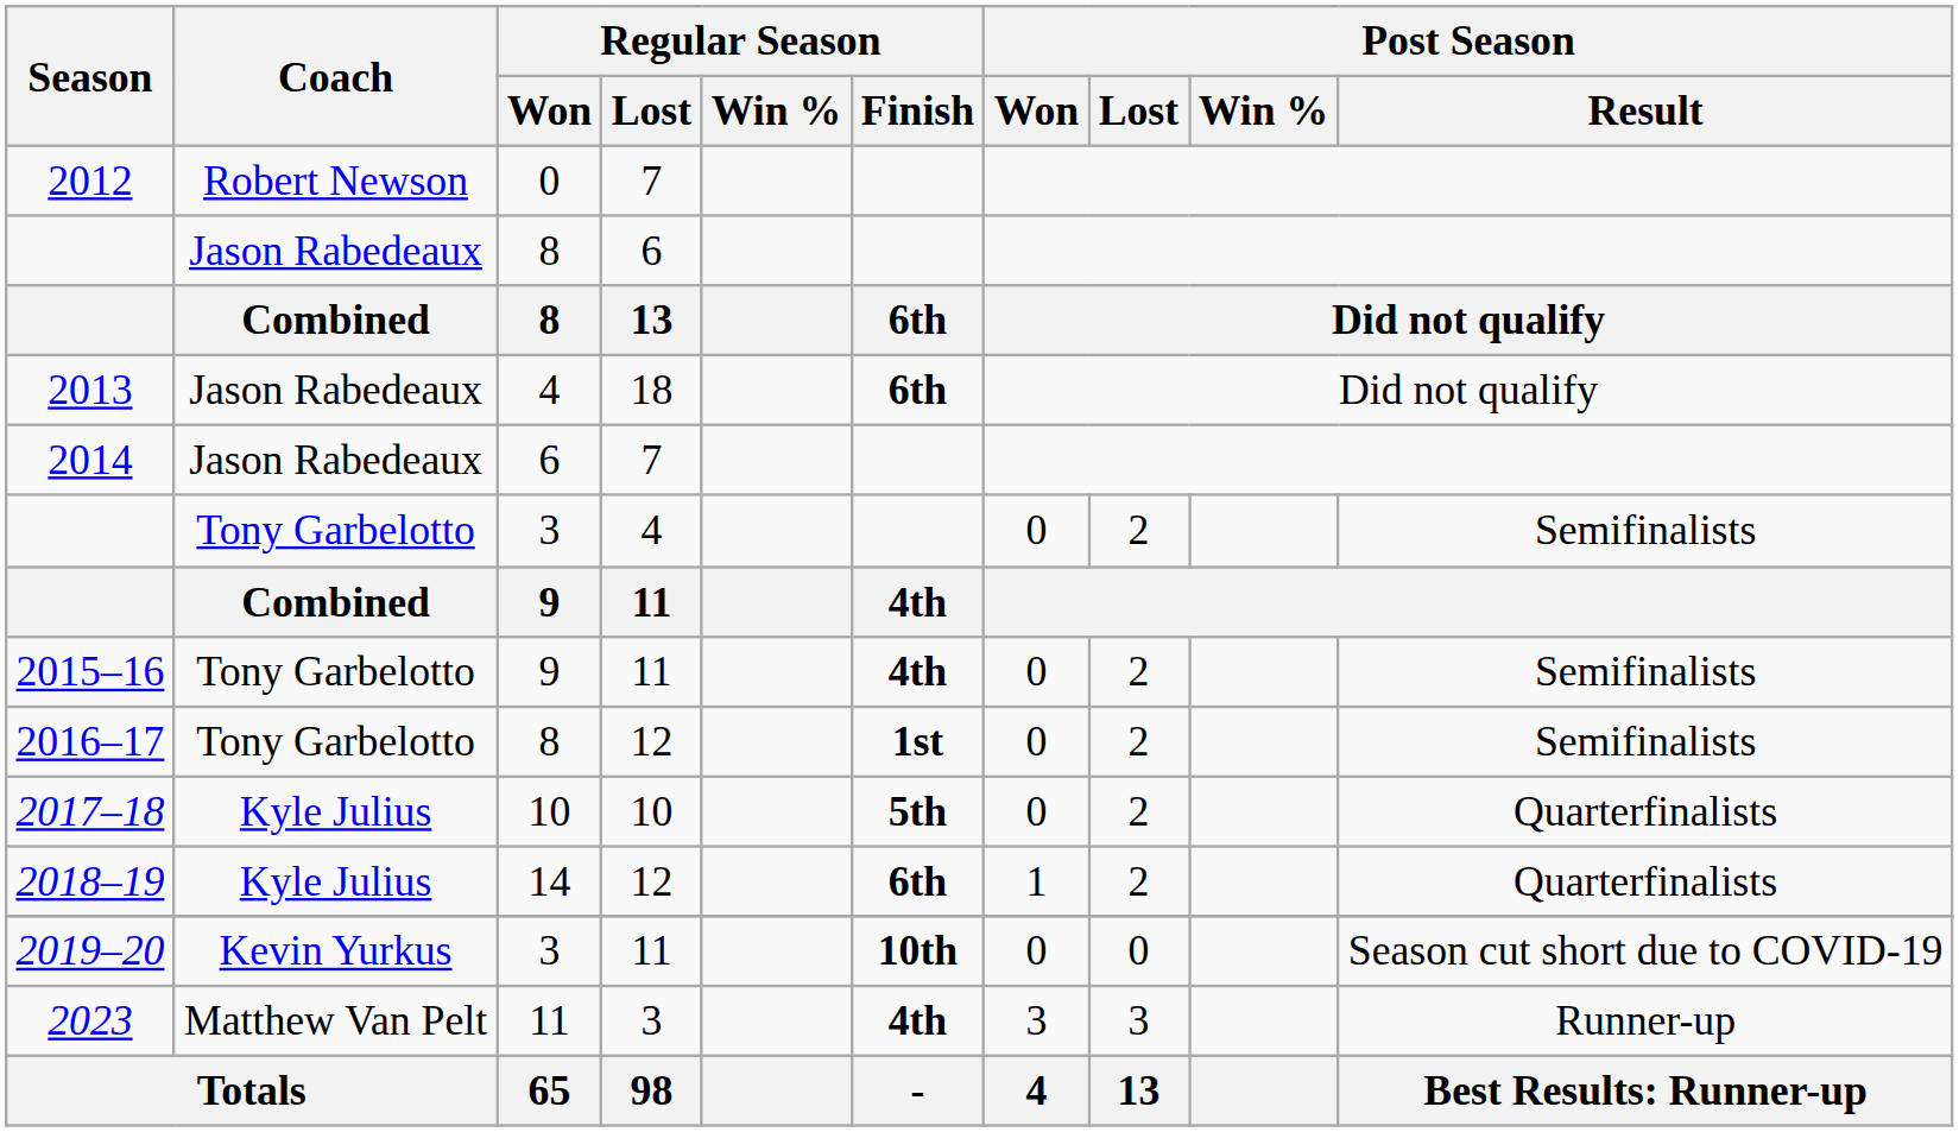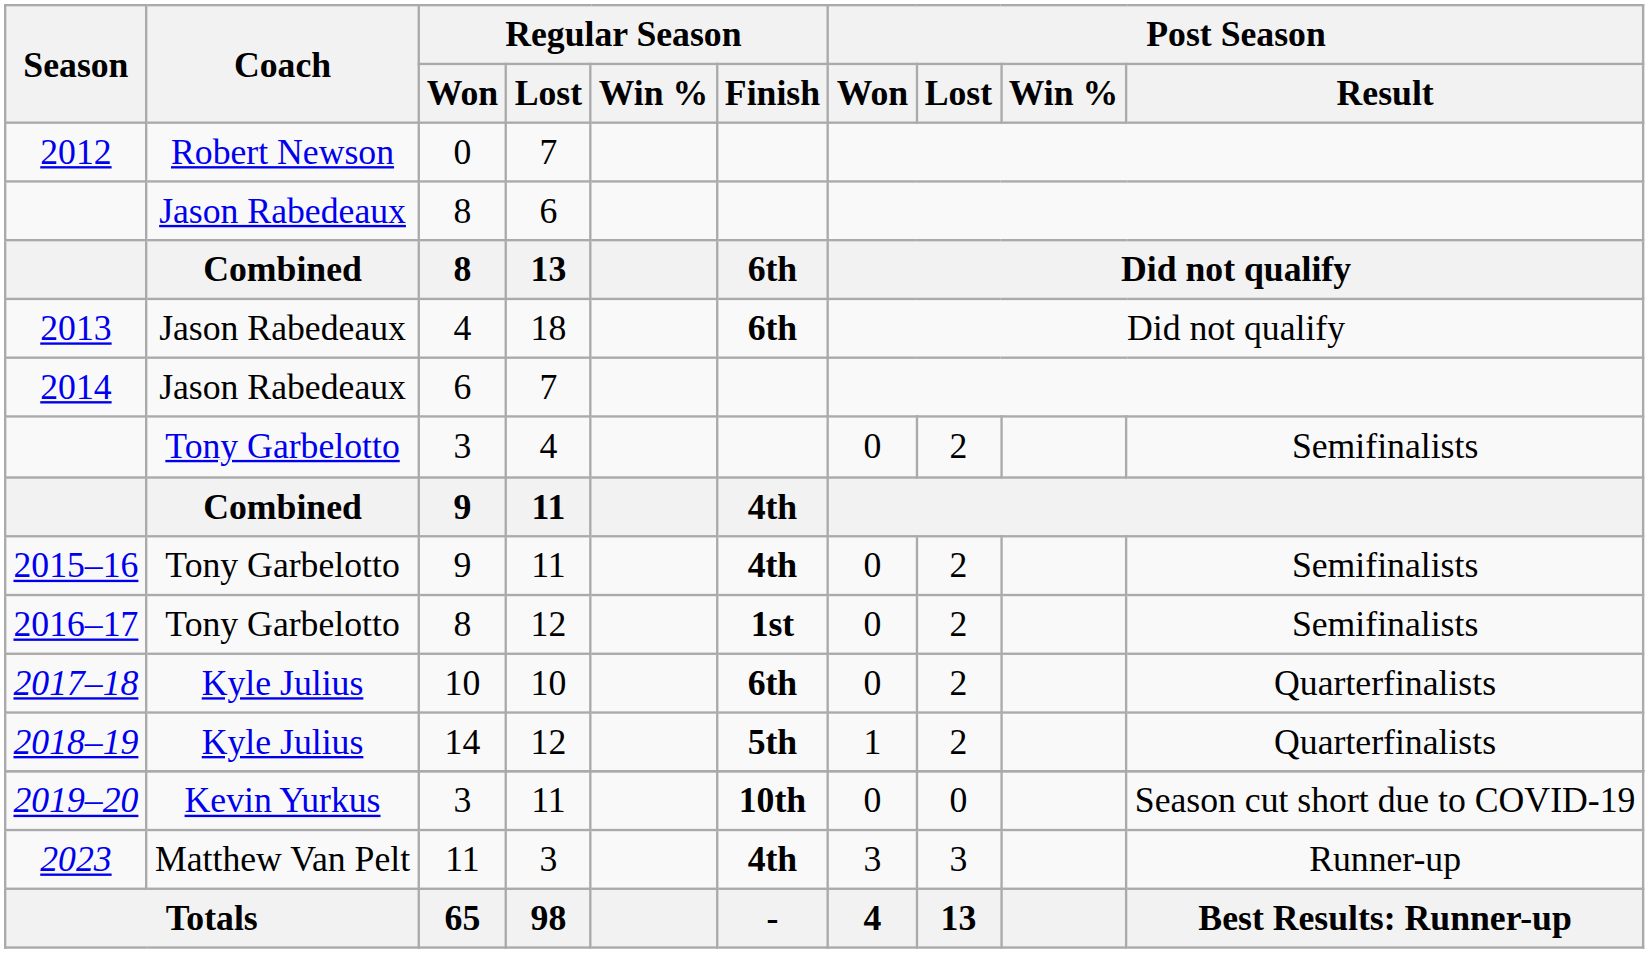 <table class="wikitable" style="font-size: 95%; text-align:center;">
 <tr>
 <th rowspan="2">Season</th>
 <th rowspan="2">Coach</th>
 <th colspan="4">Regular Season</th>
 <th colspan="4">Post Season</th>
 </tr>
 <tr>
 <th>Won</th>
 <th>Lost</th>
 <th>Win %</th>
 <th>Finish</th>
 <th>Won</th>
 <th>Lost</th>
 <th>Win %</th>
 <th>Result</th>
 </tr>
 <tr>
 <td><a href='#'>2012</a></td>
 <td><a href='#'>Robert Newson</a></td>
 <td>0</td>
 <td>7</td>
 <td></td>
 <td><strong></strong></td>
 <td colspan="4"><strong></strong></td>
 </tr>
 <tr>
 <td></td>
 <td><a href='#'>Jason Rabedeaux</a></td>
 <td>8</td>
 <td>6</td>
 <td></td>
 <td><strong></strong></td>
 <td colspan="4"><strong></strong></td>
 </tr>
 <tr>
 <th></th>
 <th>Combined</th>
 <th>8</th>
 <th>13</th>
 <th></th>
 <th><strong>6th</strong></th>
 <th colspan="4">Did not qualify</th>
 </tr>
 <tr>
 <td><a href='#'>2013</a></td>
 <td>Jason Rabedeaux</td>
 <td>4</td>
 <td>18</td>
 <td></td>
 <td><strong>6th</strong></td>
 <td colspan="4">Did not qualify</td>
 </tr>
 <tr>
 <td><a href='#'>2014</a></td>
 <td>Jason Rabedeaux</td>
 <td>6</td>
 <td>7</td>
 <td></td>
 <td><strong></strong></td>
 <td colspan="4"><strong></strong></td>
 </tr>
 <tr>
 <td></td>
 <td><a href='#'>Tony Garbelotto</a></td>
 <td>3</td>
 <td>4</td>
 <td></td>
 <td></td>
 <td>0</td>
 <td>2</td>
 <td></td>
 <td>Semifinalists</td>
 </tr>
 <tr>
 <th></th>
 <th>Combined</th>
 <th>9</th>
 <th>11</th>
 <th></th>
 <th><strong>4th</strong></th>
 <th colspan="4"></th>
 </tr>
 <tr>
 <td><a href='#'>2015–16</a></td>
 <td>Tony Garbelotto</td>
 <td>9</td>
 <td>11</td>
 <td></td>
 <td><strong>4th</strong></td>
 <td>0</td>
 <td>2</td>
 <td></td>
 <td>Semifinalists</td>
 </tr>
 <tr>
 <td><a href='#'>2016–17</a></td>
 <td>Tony Garbelotto</td>
 <td>8</td>
 <td>12</td>
 <td></td>
 <td><strong>1st</strong></td>
 <td>0</td>
 <td>2</td>
 <td></td>
 <td>Semifinalists</td>
 </tr>
 <tr>
 <td><em><a href='#'>2017–18</a></em></td>
 <td><a href='#'>Kyle Julius</a></td>
 <td>10</td>
 <td>10</td>
 <td></td>
-<td><strong>5th</strong></td>
+<td><strong>6th</strong></td>
 <td>0</td>
 <td>2</td>
 <td></td>
 <td>Quarterfinalists</td>
 </tr>
 <tr>
 <td><em><a href='#'>2018–19</a></em></td>
 <td><a href='#'>Kyle Julius</a></td>
 <td>14</td>
 <td>12</td>
 <td></td>
-<td><strong>6th</strong></td>
+<td><strong>5th</strong></td>
 <td>1</td>
 <td>2</td>
 <td></td>
 <td>Quarterfinalists</td>
 </tr>
 <tr>
 </tr>
 <tr>
 <td><em><a href='#'>2019–20</a></em></td>
 <td><a href='#'>Kevin Yurkus</a></td>
 <td>3</td>
 <td>11</td>
 <td></td>
 <td><strong>10th</strong></td>
 <td>0</td>
 <td>0</td>
 <td></td>
 <td>Season cut short due to COVID-19</td>
 </tr>
 <tr>
 <td><em><a href='#'>2023</a></em></td>
 <td>Matthew Van Pelt</td>
 <td>11</td>
 <td>3</td>
 <td></td>
 <td><strong>4th</strong></td>
 <td>3</td>
 <td>3</td>
 <td></td>
 <td>Runner-up</td>
 </tr>
 <tr>
 <th colspan="2">Totals</th>
 <th>65</th>
 <th>98</th>
 <th></th>
 <th>-</th>
 <th>4</th>
 <th>13</th>
 <th></th>
 <th>Best Results: Runner-up</th>
 </tr>
 </table>
